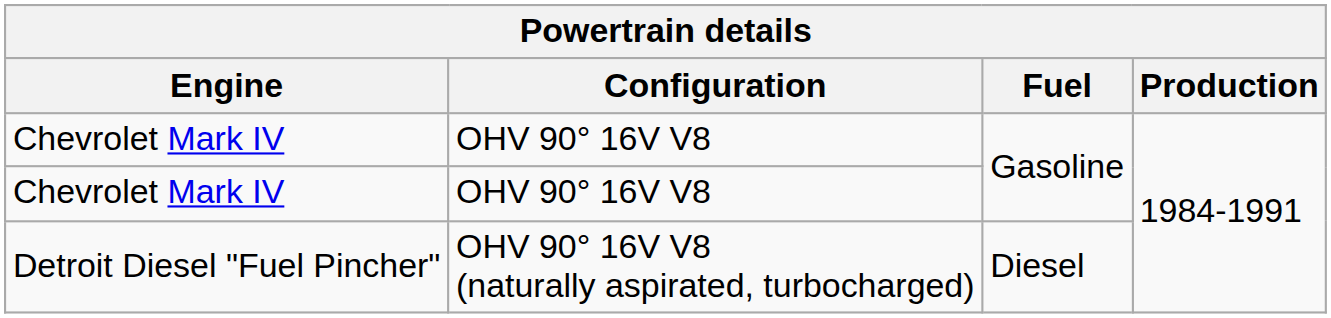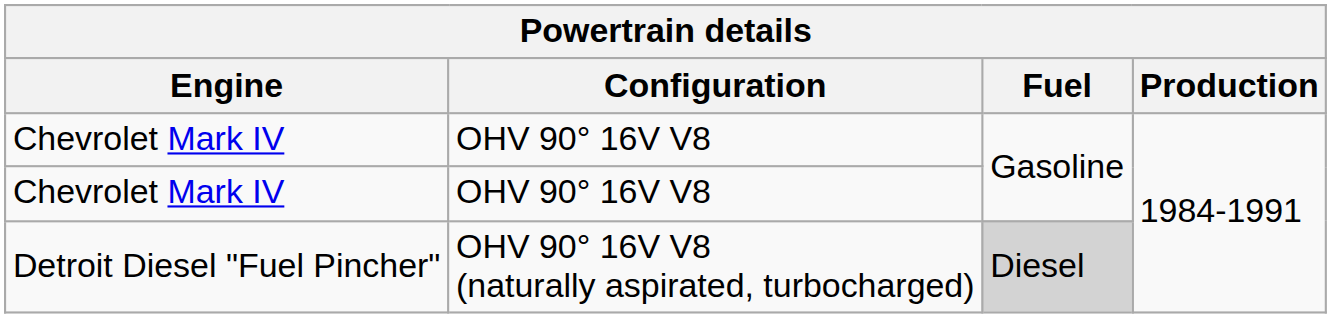 <table class="wikitable">
 <tr>
 <th colspan="4">Powertrain details</th>
 </tr>
 <tr>
 <th>Engine</th>
 <th>Configuration</th>
 <th>Fuel</th>
 <th>Production</th>
 </tr>
 <tr>
 <td>Chevrolet <a href='#'>Mark IV</a></td>
 <td> OHV 90° 16V V8</td>
 <td rowspan="2">Gasoline</td>
 <td rowspan="3">1984-1991</td>
 </tr>
 <tr>
 <td>Chevrolet <a href='#'>Mark IV</a></td>
 <td> OHV 90° 16V V8</td>
 </tr>
 <tr>
 <td>Detroit Diesel "Fuel Pincher"</td>
 <td> OHV 90° 16V V8<br>(naturally aspirated, turbocharged)</td>
-<td>Diesel</td>
+<td style="background: lightgrey;">Diesel</td>
 </tr>
 </table>
